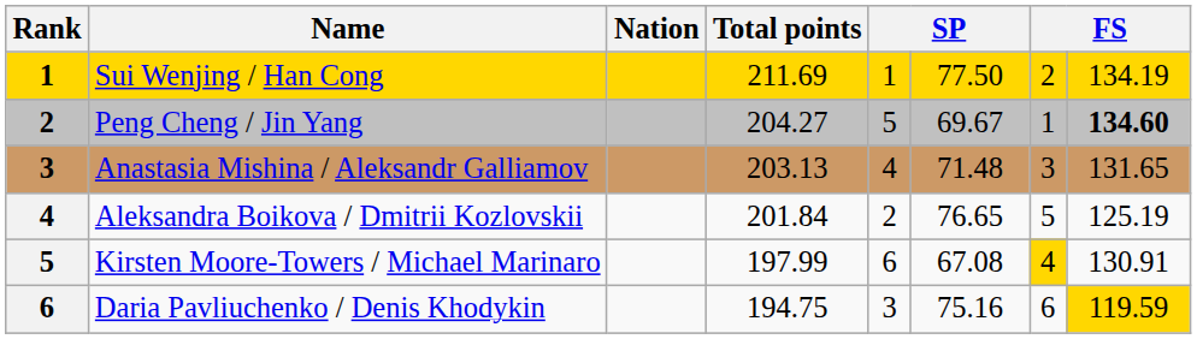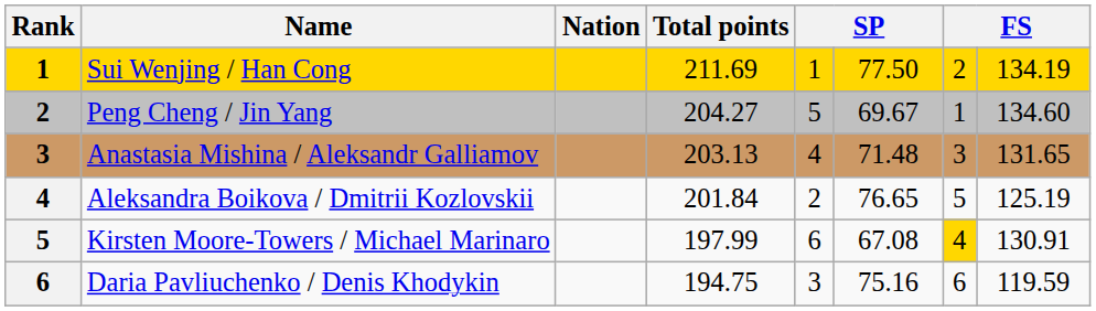 <table class="wikitable sortable">
 <tr>
 <th>Rank</th>
 <th>Name</th>
 <th>Nation</th>
 <th>Total points</th>
 <th width="80" colspan="2"><a href='#'>SP</a></th>
 <th width="80" colspan="2"><a href='#'>FS</a></th>
 </tr>
 <tr bgcolor="gold">
 <td align="center"><strong>1</strong></td>
 <td><a href='#'>Sui Wenjing</a> / <a href='#'>Han Cong</a></td>
 <td></td>
 <td align="center">211.69</td>
 <td align="center">1</td>
 <td align="center">77.50</td>
 <td align="center">2</td>
 <td align="center">134.19</td>
 </tr>
 <tr bgcolor="silver">
 <td align="center"><strong>2</strong></td>
 <td><a href='#'>Peng Cheng</a> / <a href='#'>Jin Yang</a></td>
 <td></td>
 <td align="center">204.27</td>
 <td align="center">5</td>
 <td align="center">69.67</td>
 <td align="center">1</td>
-<td align="center"><strong>134.60</strong></td>
+<td align="center">134.60</td>
 </tr>
 <tr bgcolor="#cc9966">
 <td align="center"><strong>3</strong></td>
 <td><a href='#'>Anastasia Mishina</a> / <a href='#'>Aleksandr Galliamov</a></td>
 <td></td>
 <td align="center">203.13</td>
 <td align="center">4</td>
 <td align="center">71.48</td>
 <td align="center">3</td>
 <td align="center">131.65</td>
 </tr>
 <tr>
 <th>4</th>
 <td><a href='#'>Aleksandra Boikova</a> / <a href='#'>Dmitrii Kozlovskii</a></td>
 <td></td>
 <td align="center">201.84</td>
 <td align="center">2</td>
 <td align="center">76.65</td>
 <td align="center">5</td>
 <td align="center">125.19</td>
 </tr>
 <tr>
 <th>5</th>
 <td><a href='#'>Kirsten Moore-Towers</a> / <a href='#'>Michael Marinaro</a></td>
 <td></td>
 <td align="center">197.99</td>
 <td align="center">6</td>
 <td align="center">67.08</td>
 <td align="center" style="background: gold;">4</td>
 <td align="center">130.91</td>
 </tr>
 <tr>
 <th>6</th>
 <td><a href='#'>Daria Pavliuchenko</a> / <a href='#'>Denis Khodykin</a></td>
 <td></td>
 <td align="center">194.75</td>
 <td align="center">3</td>
 <td align="center">75.16</td>
 <td align="center">6</td>
-<td align="center" style="background: gold;">119.59</td>
+<td align="center">119.59</td>
 </tr>
 </table>
